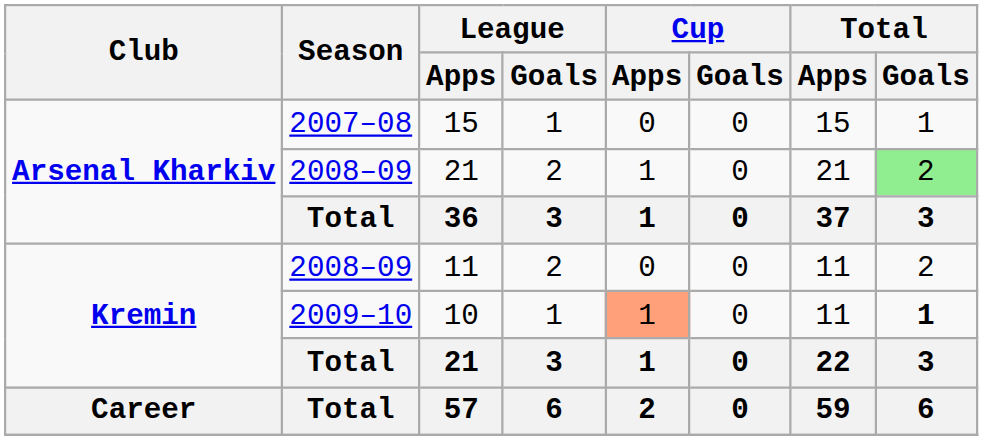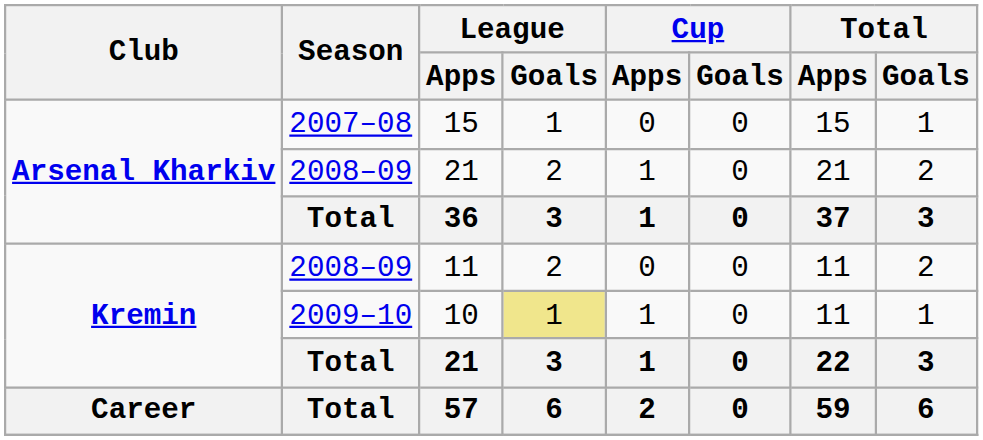 <table class="wikitable sortable" style="text-align: center;">
 <tr>
 <th rowspan="2">Club</th>
 <th rowspan="2">Season</th>
 <th colspan="2">League</th>
 <th colspan="2"><a href='#'>Cup</a></th>
 <th colspan="2">Total</th>
 </tr>
 <tr>
 <th>Apps</th>
 <th>Goals</th>
 <th>Apps</th>
 <th>Goals</th>
 <th>Apps</th>
 <th>Goals</th>
 </tr>
 <tr>
 <td rowspan="3"><strong><a href='#'>Arsenal Kharkiv</a></strong></td>
 <td><a href='#'>2007–08</a></td>
 <td>15</td>
 <td>1</td>
 <td>0</td>
 <td>0</td>
 <td>15</td>
 <td>1</td>
 </tr>
 <tr>
 <td><a href='#'>2008–09</a></td>
 <td>21</td>
 <td>2</td>
 <td>1</td>
 <td>0</td>
 <td>21</td>
-<td style="background: lightgreen;">2</td>
+<td>2</td>
 </tr>
 <tr>
 <th>Total</th>
 <th>36</th>
 <th>3</th>
 <th>1</th>
 <th>0</th>
 <th>37</th>
 <th>3</th>
 </tr>
 <tr>
 <td rowspan="3"><strong><a href='#'>Kremin</a></strong></td>
 <td><a href='#'>2008–09</a></td>
 <td>11</td>
 <td>2</td>
 <td>0</td>
 <td>0</td>
 <td>11</td>
 <td>2</td>
 </tr>
 <tr>
 <td><a href='#'>2009–10</a></td>
 <td>10</td>
+<td style="background: khaki;">1</td>
 <td>1</td>
-<td style="background: lightsalmon;">1</td>
 <td>0</td>
 <td>11</td>
-<td><strong>1</strong></td>
+<td>1</td>
 </tr>
 <tr>
 <th>Total</th>
 <th>21</th>
 <th>3</th>
 <th>1</th>
 <th>0</th>
 <th>22</th>
 <th>3</th>
 </tr>
 <tr>
 <th>Career</th>
 <th>Total</th>
 <th>57</th>
 <th>6</th>
 <th>2</th>
 <th>0</th>
 <th>59</th>
 <th>6</th>
 </tr>
 <tr>
 </tr>
 </table>
